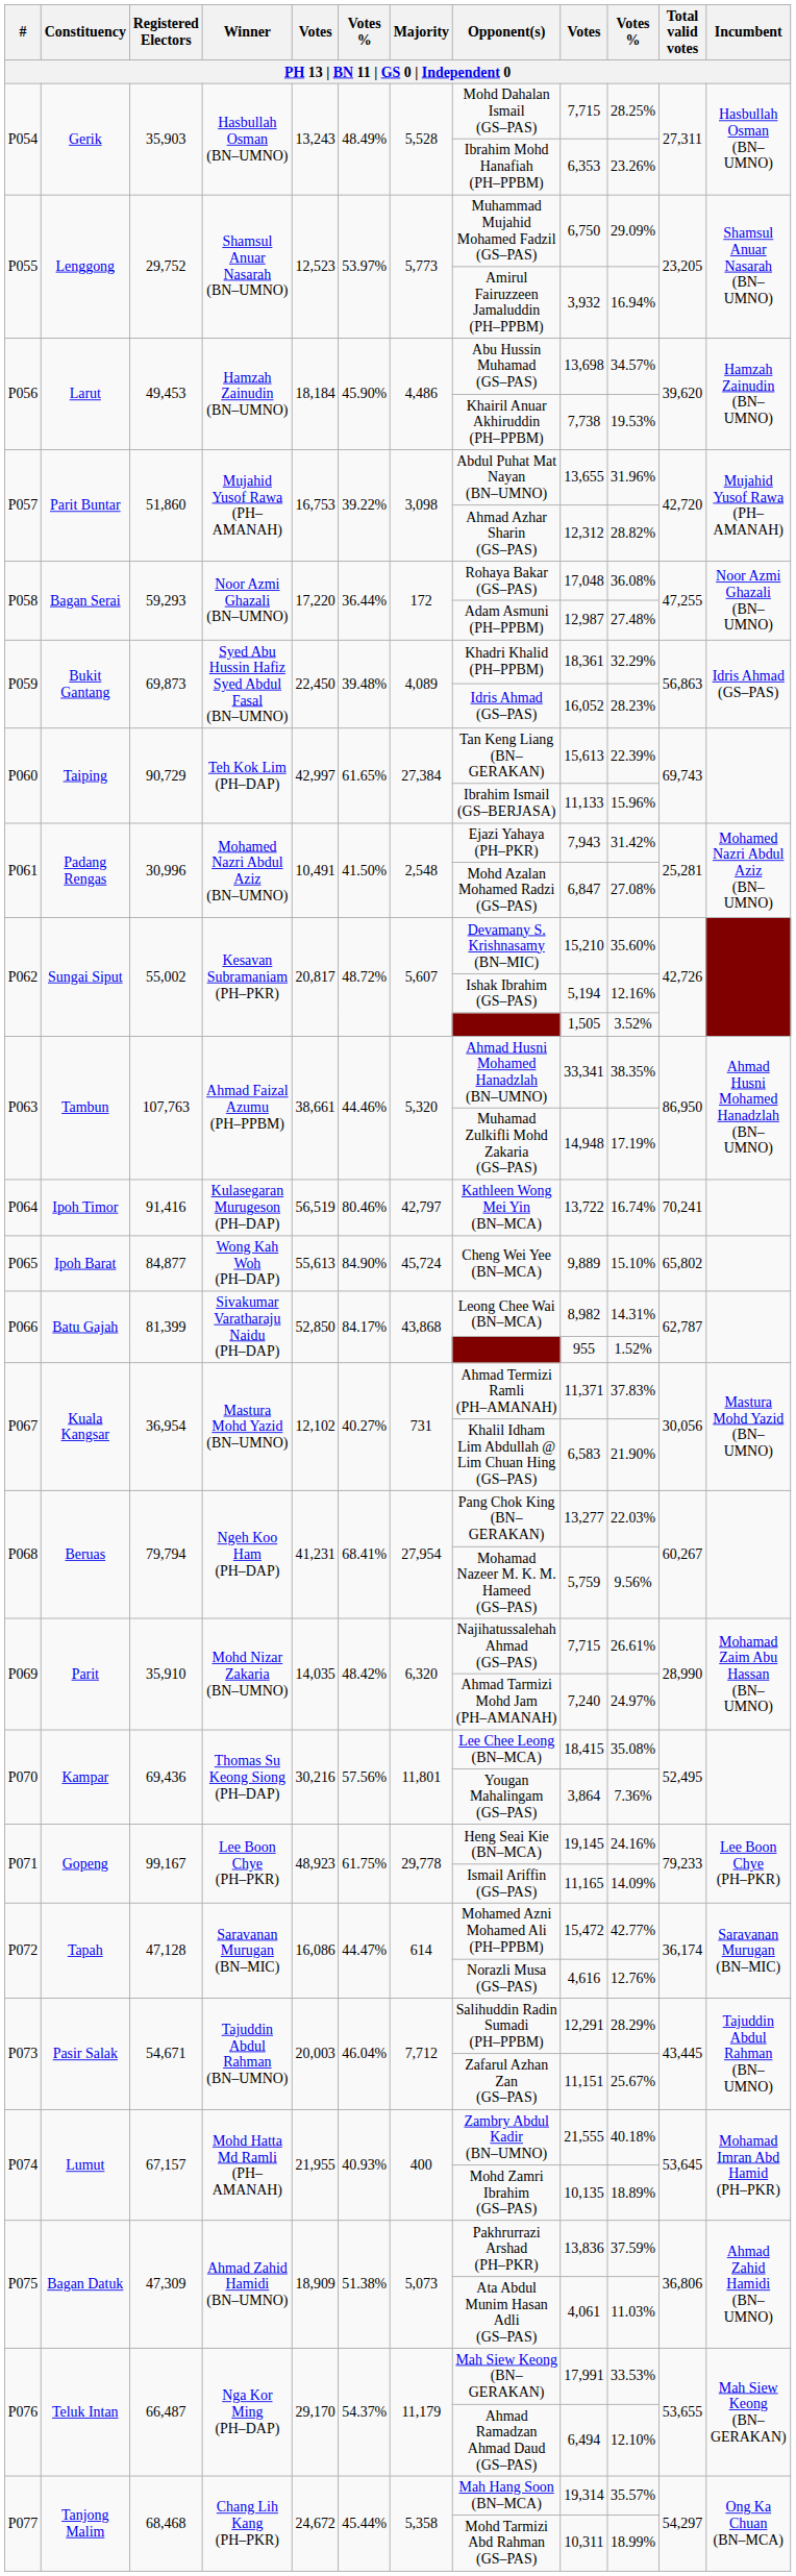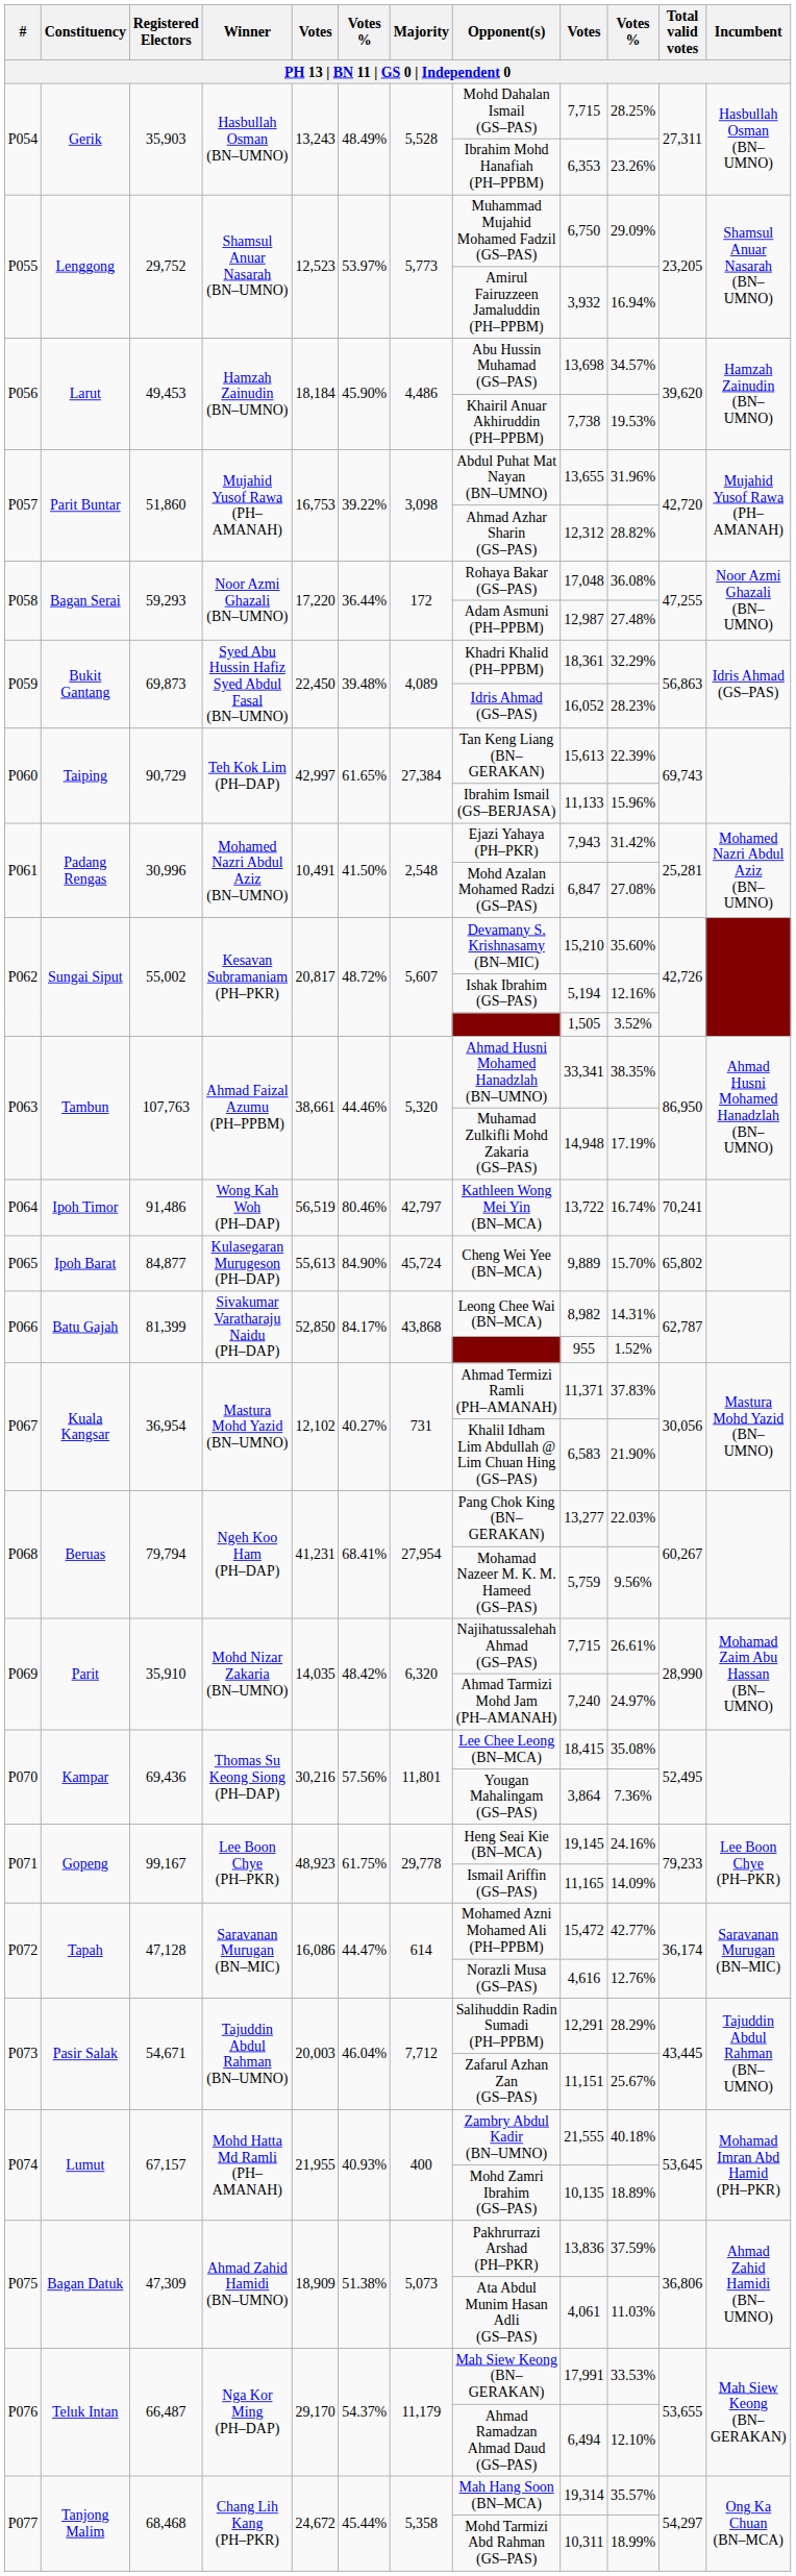 <table class="wikitable sortable" style">
 <tr>
 <th>#</th>
 <th>Constituency</th>
 <th>Registered Electors</th>
 <th>Winner</th>
 <th>Votes</th>
 <th>Votes %</th>
 <th>Majority</th>
 <th>Opponent(s)</th>
 <th>Votes</th>
 <th>Votes %</th>
 <th>Total valid votes</th>
 <th>Incumbent</th>
 </tr>
 <tr>
 <th colspan="13"><a href='#'>PH</a> <strong>13</strong> | <a href='#'>BN</a> <strong>11</strong> | <a href='#'>GS</a> <strong>0</strong> | <a href='#'>Independent</a> <strong>0</strong></th>
 </tr>
 <tr align="center">
 <td rowspan=2>P054</td>
 <td rowspan=2><a href='#'>Gerik</a></td>
 <td rowspan=2>35,903</td>
 <td rowspan=2><a href='#'>Hasbullah Osman</a><br>(BN–UMNO)</td>
 <td rowspan=2>13,243</td>
 <td rowspan=2>48.49%</td>
 <td rowspan=2>5,528</td>
 <td>Mohd Dahalan Ismail<br>(GS–PAS)</td>
 <td>7,715</td>
 <td>28.25%</td>
 <td rowspan=2>27,311</td>
 <td rowspan=2><a href='#'>Hasbullah Osman</a><br>(BN–UMNO)</td>
 </tr>
 <tr align="center">
 <td>Ibrahim Mohd Hanafiah<br>(PH–PPBM)</td>
 <td>6,353</td>
 <td>23.26%</td>
 </tr>
 <tr align="center">
 <td rowspan=2>P055</td>
 <td rowspan=2><a href='#'>Lenggong</a></td>
 <td rowspan=2>29,752</td>
 <td rowspan=2><a href='#'>Shamsul Anuar Nasarah</a><br>(BN–UMNO)</td>
 <td rowspan=2>12,523</td>
 <td rowspan=2>53.97%</td>
 <td rowspan=2>5,773</td>
 <td>Muhammad Mujahid Mohamed Fadzil<br>(GS–PAS)</td>
 <td>6,750</td>
 <td>29.09%</td>
 <td rowspan=2>23,205</td>
 <td rowspan=2><a href='#'>Shamsul Anuar Nasarah</a><br>(BN–UMNO)</td>
 </tr>
 <tr align="center">
 <td>Amirul Fairuzzeen Jamaluddin<br>(PH–PPBM)</td>
 <td>3,932</td>
 <td>16.94%</td>
 </tr>
 <tr align="center">
 <td rowspan=2>P056</td>
 <td rowspan=2><a href='#'>Larut</a></td>
 <td rowspan=2>49,453</td>
 <td rowspan=2><a href='#'>Hamzah Zainudin</a><br>(BN–UMNO)</td>
 <td rowspan=2>18,184</td>
 <td rowspan=2>45.90%</td>
 <td rowspan=2>4,486</td>
 <td>Abu Hussin Muhamad<br>(GS–PAS)</td>
 <td>13,698</td>
 <td>34.57%</td>
 <td rowspan=2>39,620</td>
 <td rowspan=2><a href='#'>Hamzah Zainudin</a><br>(BN–UMNO)</td>
 </tr>
 <tr align="center">
 <td>Khairil Anuar Akhiruddin<br>(PH–PPBM)</td>
 <td>7,738</td>
 <td>19.53%</td>
 </tr>
 <tr align="center">
 <td rowspan=2>P057</td>
 <td rowspan=2><a href='#'>Parit Buntar</a></td>
 <td rowspan=2>51,860</td>
 <td rowspan=2><a href='#'>Mujahid Yusof Rawa</a><br>(PH–AMANAH)</td>
 <td rowspan=2>16,753</td>
 <td rowspan=2>39.22%</td>
 <td rowspan=2>3,098</td>
 <td>Abdul Puhat Mat Nayan<br>(BN–UMNO)</td>
 <td>13,655</td>
 <td>31.96%</td>
 <td rowspan=2>42,720</td>
 <td rowspan=2><a href='#'>Mujahid Yusof Rawa</a><br>(PH–AMANAH)</td>
 </tr>
 <tr align="center">
 <td>Ahmad Azhar Sharin<br>(GS–PAS)</td>
 <td>12,312</td>
 <td>28.82%</td>
 </tr>
 <tr align="center">
 <td rowspan=2>P058</td>
 <td rowspan=2><a href='#'>Bagan Serai</a></td>
 <td rowspan=2>59,293</td>
 <td rowspan=2><a href='#'>Noor Azmi Ghazali</a><br>(BN–UMNO)</td>
 <td rowspan=2>17,220</td>
 <td rowspan=2>36.44%</td>
 <td rowspan=2>172</td>
 <td>Rohaya Bakar<br>(GS–PAS)</td>
 <td>17,048</td>
 <td>36.08%</td>
 <td rowspan=2>47,255</td>
 <td rowspan=2><a href='#'>Noor Azmi Ghazali</a><br>(BN–UMNO)</td>
 </tr>
 <tr align="center">
 <td>Adam Asmuni<br>(PH–PPBM)</td>
 <td>12,987</td>
 <td>27.48%</td>
 </tr>
 <tr align="center">
 <td rowspan=2>P059</td>
 <td rowspan=2><a href='#'>Bukit Gantang</a></td>
 <td rowspan=2>69,873</td>
 <td rowspan=2><a href='#'>Syed Abu Hussin Hafiz Syed Abdul Fasal</a><br>(BN–UMNO)</td>
 <td rowspan=2>22,450</td>
 <td rowspan=2>39.48%</td>
 <td rowspan=2>4,089</td>
 <td>Khadri Khalid<br>(PH–PPBM)</td>
 <td>18,361</td>
 <td>32.29%</td>
 <td rowspan=2>56,863</td>
 <td rowspan=2><a href='#'>Idris Ahmad</a><br>(GS–PAS)</td>
 </tr>
 <tr align="center">
 <td><a href='#'>Idris Ahmad</a><br>(GS–PAS)</td>
 <td>16,052</td>
 <td>28.23%</td>
 </tr>
 <tr align="center">
 <td rowspan=2>P060</td>
 <td rowspan=2><a href='#'>Taiping</a></td>
 <td rowspan=2>90,729</td>
 <td rowspan=2><a href='#'>Teh Kok Lim</a><br>(PH–DAP)</td>
 <td rowspan=2>42,997</td>
 <td rowspan=2>61.65%</td>
 <td rowspan=2>27,384</td>
 <td>Tan Keng Liang<br>(BN–GERAKAN)</td>
 <td>15,613</td>
 <td>22.39%</td>
 <td rowspan=2>69,743</td>
 <td rowspan=2></td>
 </tr>
 <tr align="center">
 <td>Ibrahim Ismail<br>(GS–BERJASA)</td>
 <td>11,133</td>
 <td>15.96%</td>
 </tr>
 <tr align="center">
 <td rowspan=2>P061</td>
 <td rowspan=2><a href='#'>Padang Rengas</a></td>
 <td rowspan=2>30,996</td>
 <td rowspan=2><a href='#'>Mohamed Nazri Abdul Aziz</a><br>(BN–UMNO)</td>
 <td rowspan=2>10,491</td>
 <td rowspan=2>41.50%</td>
 <td rowspan=2>2,548</td>
 <td>Ejazi Yahaya<br>(PH–PKR)</td>
 <td>7,943</td>
 <td>31.42%</td>
 <td rowspan=2>25,281</td>
 <td rowspan=2><a href='#'>Mohamed Nazri Abdul Aziz</a><br>(BN–UMNO)</td>
 </tr>
 <tr align="center">
 <td>Mohd Azalan Mohamed Radzi<br>(GS–PAS)</td>
 <td>6,847</td>
 <td>27.08%</td>
 </tr>
 <tr align="center">
 <td rowspan=3>P062</td>
 <td rowspan=3><a href='#'>Sungai Siput</a></td>
 <td rowspan=3>55,002</td>
 <td rowspan=3><a href='#'>Kesavan Subramaniam</a><br>(PH–PKR)</td>
 <td rowspan=3>20,817</td>
 <td rowspan=3>48.72%</td>
 <td rowspan=3>5,607</td>
 <td><a href='#'>Devamany S. Krishnasamy</a><br>(BN–MIC)</td>
 <td>15,210</td>
 <td>35.60%</td>
 <td rowspan=3>42,726</td>
 <td rowspan=3 bgcolor="maroon"></td>
 </tr>
 <tr align="center">
 <td>Ishak Ibrahim<br>(GS–PAS)</td>
 <td>5,194</td>
 <td>12.16%</td>
 </tr>
 <tr align="center">
 <td bgcolor="maroon"></td>
 <td>1,505</td>
 <td>3.52%</td>
 </tr>
 <tr align="center">
 <td rowspan=2>P063</td>
 <td rowspan=2><a href='#'>Tambun</a></td>
 <td rowspan=2>107,763</td>
 <td rowspan=2><a href='#'>Ahmad Faizal Azumu</a><br>(PH–PPBM)</td>
 <td rowspan=2>38,661</td>
 <td rowspan=2>44.46%</td>
 <td rowspan=2>5,320</td>
 <td><a href='#'>Ahmad Husni Mohamed Hanadzlah</a><br>(BN–UMNO)</td>
 <td>33,341</td>
 <td>38.35%</td>
 <td rowspan=2>86,950</td>
 <td rowspan=2><a href='#'>Ahmad Husni Mohamed Hanadzlah</a><br>(BN–UMNO)</td>
 </tr>
 <tr align="center">
 <td>Muhamad Zulkifli Mohd Zakaria<br>(GS–PAS)</td>
 <td>14,948</td>
 <td>17.19%</td>
 </tr>
 <tr align="center">
 <td rowspan=1>P064</td>
 <td rowspan=1><a href='#'>Ipoh Timor</a></td>
-<td rowspan=1>91,416</td>
-<td rowspan=1><a href='#'>Kulasegaran Murugeson</a><br>(PH–DAP)</td>
+<td rowspan=1>91,486</td>
+<td rowspan=1><a href='#'>Wong Kah Woh</a><br>(PH–DAP)</td>
 <td rowspan=1>56,519</td>
 <td rowspan=1>80.46%</td>
 <td rowspan=1>42,797</td>
 <td><a href='#'>Kathleen Wong Mei Yin</a><br>(BN–MCA)</td>
 <td>13,722</td>
 <td>16.74%</td>
 <td rowspan=1>70,241</td>
 <td rowspan=1></td>
 </tr>
 <tr align="center">
 <td rowspan=1>P065</td>
 <td rowspan=1><a href='#'>Ipoh Barat</a></td>
 <td rowspan=1>84,877</td>
-<td rowspan=1><a href='#'>Wong Kah Woh</a><br>(PH–DAP)</td>
+<td rowspan=1><a href='#'>Kulasegaran Murugeson</a><br>(PH–DAP)</td>
 <td rowspan=1>55,613</td>
 <td rowspan=1>84.90%</td>
 <td rowspan=1>45,724</td>
 <td>Cheng Wei Yee<br>(BN–MCA)</td>
 <td>9,889</td>
-<td>15.10%</td>
+<td>15.70%</td>
 <td rowspan=1>65,802</td>
 <td rowspan=1></td>
 </tr>
 <tr align="center">
 <td rowspan=2>P066</td>
 <td rowspan=2><a href='#'>Batu Gajah</a></td>
 <td rowspan=2>81,399</td>
 <td rowspan=2><a href='#'>Sivakumar Varatharaju Naidu</a><br>(PH–DAP)</td>
 <td rowspan=2>52,850</td>
 <td rowspan=2>84.17%</td>
 <td rowspan=2>43,868</td>
 <td>Leong Chee Wai<br>(BN–MCA)</td>
 <td>8,982</td>
 <td>14.31%</td>
 <td rowspan=2>62,787</td>
 <td rowspan=2></td>
 </tr>
 <tr align="center">
 <td bgcolor="maroon"></td>
 <td>955</td>
 <td>1.52%</td>
 </tr>
 <tr align="center">
 <td rowspan=2>P067</td>
 <td rowspan=2><a href='#'>Kuala Kangsar</a></td>
 <td rowspan=2>36,954</td>
 <td rowspan=2><a href='#'>Mastura Mohd Yazid</a><br>(BN–UMNO)</td>
 <td rowspan=2>12,102</td>
 <td rowspan=2>40.27%</td>
 <td rowspan=2>731</td>
 <td>Ahmad Termizi Ramli<br>(PH–AMANAH)</td>
 <td>11,371</td>
 <td>37.83%</td>
 <td rowspan=2>30,056</td>
 <td rowspan=2><a href='#'>Mastura Mohd Yazid</a><br>(BN–UMNO)</td>
 </tr>
 <tr align="center">
 <td>Khalil Idham Lim Abdullah @ Lim Chuan Hing<br>(GS–PAS)</td>
 <td>6,583</td>
 <td>21.90%</td>
 </tr>
 <tr align="center">
 <td rowspan=2>P068</td>
 <td rowspan=2><a href='#'>Beruas</a></td>
 <td rowspan=2>79,794</td>
 <td rowspan=2><a href='#'>Ngeh Koo Ham</a><br>(PH–DAP)</td>
 <td rowspan=2>41,231</td>
 <td rowspan=2>68.41%</td>
 <td rowspan=2>27,954</td>
 <td>Pang Chok King<br>(BN–GERAKAN)</td>
 <td>13,277</td>
 <td>22.03%</td>
 <td rowspan=2>60,267</td>
 <td rowspan=2></td>
 </tr>
 <tr align="center">
 <td>Mohamad Nazeer M. K. M. Hameed<br>(GS–PAS)</td>
 <td>5,759</td>
 <td>9.56%</td>
 </tr>
 <tr align="center">
 <td rowspan=2>P069</td>
 <td rowspan=2><a href='#'>Parit</a></td>
 <td rowspan=2>35,910</td>
 <td rowspan=2><a href='#'>Mohd Nizar Zakaria</a><br>(BN–UMNO)</td>
 <td rowspan=2>14,035</td>
 <td rowspan=2>48.42%</td>
 <td rowspan=2>6,320</td>
 <td>Najihatussalehah Ahmad<br>(GS–PAS)</td>
 <td>7,715</td>
 <td>26.61%</td>
 <td rowspan=2>28,990</td>
 <td rowspan=2><a href='#'>Mohamad Zaim Abu Hassan</a><br>(BN–UMNO)</td>
 </tr>
 <tr align="center">
 <td>Ahmad Tarmizi Mohd Jam<br>(PH–AMANAH)</td>
 <td>7,240</td>
 <td>24.97%</td>
 </tr>
 <tr align="center">
 <td rowspan=2>P070</td>
 <td rowspan=2><a href='#'>Kampar</a></td>
 <td rowspan=2>69,436</td>
 <td rowspan=2><a href='#'>Thomas Su Keong Siong</a><br>(PH–DAP)</td>
 <td rowspan=2>30,216</td>
 <td rowspan=2>57.56%</td>
 <td rowspan=2>11,801</td>
 <td><a href='#'>Lee Chee Leong</a><br>(BN–MCA)</td>
 <td>18,415</td>
 <td>35.08%</td>
 <td rowspan=2>52,495</td>
 <td rowspan=2></td>
 </tr>
 <tr align="center">
 <td>Yougan Mahalingam<br>(GS–PAS)</td>
 <td>3,864</td>
 <td>7.36%</td>
 </tr>
 <tr align="center">
 <td rowspan=2>P071</td>
 <td rowspan=2><a href='#'>Gopeng</a></td>
 <td rowspan=2>99,167</td>
 <td rowspan=2><a href='#'>Lee Boon Chye</a><br>(PH–PKR)</td>
 <td rowspan=2>48,923</td>
 <td rowspan=2>61.75%</td>
 <td rowspan=2>29,778</td>
 <td>Heng Seai Kie<br>(BN–MCA)</td>
 <td>19,145</td>
 <td>24.16%</td>
 <td rowspan=2>79,233</td>
 <td rowspan=2><a href='#'>Lee Boon Chye</a><br>(PH–PKR)</td>
 </tr>
 <tr align="center">
 <td>Ismail Ariffin<br>(GS–PAS)</td>
 <td>11,165</td>
 <td>14.09%</td>
 </tr>
 <tr align="center">
 <td rowspan=2>P072</td>
 <td rowspan=2><a href='#'>Tapah</a></td>
 <td rowspan=2>47,128</td>
 <td rowspan=2><a href='#'>Saravanan Murugan</a><br>(BN–MIC)</td>
 <td rowspan=2>16,086</td>
 <td rowspan=2>44.47%</td>
 <td rowspan=2>614</td>
 <td>Mohamed Azni Mohamed Ali<br>(PH–PPBM)</td>
 <td>15,472</td>
 <td>42.77%</td>
 <td rowspan=2>36,174</td>
 <td rowspan=2><a href='#'>Saravanan Murugan</a><br>(BN–MIC)</td>
 </tr>
 <tr align="center">
 <td>Norazli Musa<br>(GS–PAS)</td>
 <td>4,616</td>
 <td>12.76%</td>
 </tr>
 <tr align="center">
 <td rowspan=2>P073</td>
 <td rowspan=2><a href='#'>Pasir Salak</a></td>
 <td rowspan=2>54,671</td>
 <td rowspan=2><a href='#'>Tajuddin Abdul Rahman</a><br>(BN–UMNO)</td>
 <td rowspan=2>20,003</td>
 <td rowspan=2>46.04%</td>
 <td rowspan=2>7,712</td>
 <td>Salihuddin Radin Sumadi<br>(PH–PPBM)</td>
 <td>12,291</td>
 <td>28.29%</td>
 <td rowspan=2>43,445</td>
 <td rowspan=2><a href='#'>Tajuddin Abdul Rahman</a><br>(BN–UMNO)</td>
 </tr>
 <tr align="center">
 <td>Zafarul Azhan Zan<br>(GS–PAS)</td>
 <td>11,151</td>
 <td>25.67%</td>
 </tr>
 <tr align="center">
 <td rowspan=2>P074</td>
 <td rowspan=2><a href='#'>Lumut</a></td>
 <td rowspan=2>67,157</td>
 <td rowspan=2><a href='#'>Mohd Hatta Md Ramli</a><br>(PH–AMANAH)</td>
 <td rowspan=2>21,955</td>
 <td rowspan=2>40.93%</td>
 <td rowspan=2>400</td>
 <td><a href='#'>Zambry Abdul Kadir</a><br>(BN–UMNO)</td>
 <td>21,555</td>
 <td>40.18%</td>
 <td rowspan=2>53,645</td>
 <td rowspan=2><a href='#'>Mohamad Imran Abd Hamid</a><br>(PH–PKR)</td>
 </tr>
 <tr align="center">
 <td>Mohd Zamri Ibrahim<br>(GS–PAS)</td>
 <td>10,135</td>
 <td>18.89%</td>
 </tr>
 <tr align="center">
 <td rowspan=2>P075</td>
 <td rowspan=2><a href='#'>Bagan Datuk</a></td>
 <td rowspan=2>47,309</td>
 <td rowspan=2><a href='#'>Ahmad Zahid Hamidi</a><br>(BN–UMNO)</td>
 <td rowspan=2>18,909</td>
 <td rowspan=2>51.38%</td>
 <td rowspan=2>5,073</td>
 <td>Pakhrurrazi Arshad<br>(PH–PKR)</td>
 <td>13,836</td>
 <td>37.59%</td>
 <td rowspan=2>36,806</td>
 <td rowspan=2><a href='#'>Ahmad Zahid Hamidi</a><br>(BN–UMNO)</td>
 </tr>
 <tr align="center">
 <td>Ata Abdul Munim Hasan Adli<br>(GS–PAS)</td>
 <td>4,061</td>
 <td>11.03%</td>
 </tr>
 <tr align="center">
 <td rowspan=2>P076</td>
 <td rowspan=2><a href='#'>Teluk Intan</a></td>
 <td rowspan=2>66,487</td>
 <td rowspan=2><a href='#'>Nga Kor Ming</a><br>(PH–DAP)</td>
 <td rowspan=2>29,170</td>
 <td rowspan=2>54.37%</td>
 <td rowspan=2>11,179</td>
 <td><a href='#'>Mah Siew Keong</a><br>(BN–GERAKAN)</td>
 <td>17,991</td>
 <td>33.53%</td>
 <td rowspan=2>53,655</td>
 <td rowspan=2><a href='#'>Mah Siew Keong</a><br>(BN–GERAKAN)</td>
 </tr>
 <tr align="center">
 <td>Ahmad Ramadzan Ahmad Daud<br>(GS–PAS)</td>
 <td>6,494</td>
 <td>12.10%</td>
 </tr>
 <tr align="center">
 <td rowspan=2>P077</td>
 <td rowspan=2><a href='#'>Tanjong Malim</a></td>
 <td rowspan=2>68,468</td>
 <td rowspan=2><a href='#'>Chang Lih Kang</a><br>(PH–PKR)</td>
 <td rowspan=2>24,672</td>
 <td rowspan=2>45.44%</td>
 <td rowspan=2>5,358</td>
 <td><a href='#'>Mah Hang Soon</a><br>(BN–MCA)</td>
 <td>19,314</td>
 <td>35.57%</td>
 <td rowspan=2>54,297</td>
 <td rowspan=2><a href='#'>Ong Ka Chuan</a><br>(BN–MCA)</td>
 </tr>
 <tr align="center">
 <td>Mohd Tarmizi Abd Rahman<br>(GS–PAS)</td>
 <td>10,311</td>
 <td>18.99%</td>
 </tr>
 </table>
